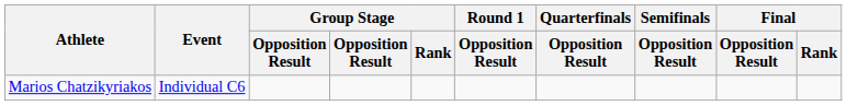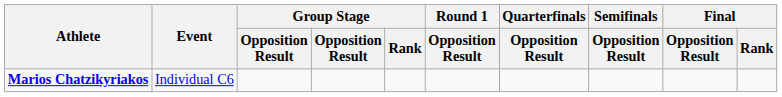 <table class=wikitable style="font-size:90%">
 <tr>
 <th rowspan="2">Athlete</th>
 <th rowspan="2">Event</th>
 <th colspan="3">Group Stage</th>
 <th>Round 1</th>
 <th>Quarterfinals</th>
 <th>Semifinals</th>
 <th colspan="2">Final</th>
 </tr>
 <tr>
 <th>Opposition<br>Result</th>
 <th>Opposition<br>Result</th>
 <th>Rank</th>
 <th>Opposition<br>Result</th>
 <th>Opposition<br>Result</th>
 <th>Opposition<br>Result</th>
 <th>Opposition<br>Result</th>
 <th>Rank</th>
 </tr>
 <tr align=center>
-<td align=left><a href='#'>Marios Chatzikyriakos</a></td>
+<td align=left><strong><a href='#'>Marios Chatzikyriakos</a></strong></td>
 <td rowspan="3"><a href='#'>Individual C6</a></td>
 <td></td>
 <td></td>
 <td></td>
 <td></td>
 <td></td>
 <td></td>
 <td></td>
 <td></td>
 </tr>
 </table>
